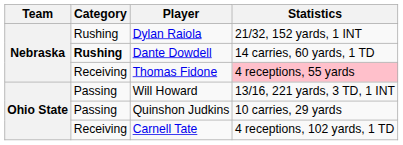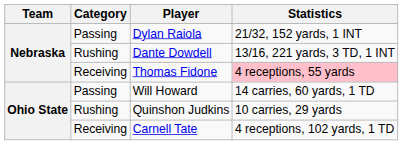 <table class="wikitable" style="float:right">
 <tr>
 <th>Team</th>
 <th>Category</th>
 <th>Player</th>
 <th>Statistics</th>
 </tr>
 <tr>
 <th rowspan=3>Nebraska</th>
-<td>Rushing</td>
+<td>Passing</td>
 <td><a href='#'>Dylan Raiola</a></td>
 <td>21/32, 152 yards, 1 INT</td>
 </tr>
 <tr>
-<td><strong>Rushing</strong></td>
+<td>Rushing</td>
 <td><a href='#'>Dante Dowdell</a></td>
-<td>14 carries, 60 yards, 1 TD</td>
+<td>13/16, 221 yards, 3 TD, 1 INT</td>
 </tr>
 <tr>
 <td>Receiving</td>
 <td><a href='#'>Thomas Fidone</a></td>
 <td style="background: pink;">4 receptions, 55 yards</td>
 </tr>
 <tr>
 <th rowspan=3>Ohio State</th>
 <td>Passing</td>
 <td>Will Howard</td>
-<td>13/16, 221 yards, 3 TD, 1 INT</td>
+<td>14 carries, 60 yards, 1 TD</td>
 </tr>
 <tr>
-<td>Passing</td>
+<td>Rushing</td>
 <td>Quinshon Judkins</td>
 <td>10 carries, 29 yards</td>
 </tr>
 <tr>
 <td>Receiving</td>
 <td><a href='#'>Carnell Tate</a></td>
 <td>4 receptions, 102 yards, 1 TD</td>
 </tr>
 </table>
